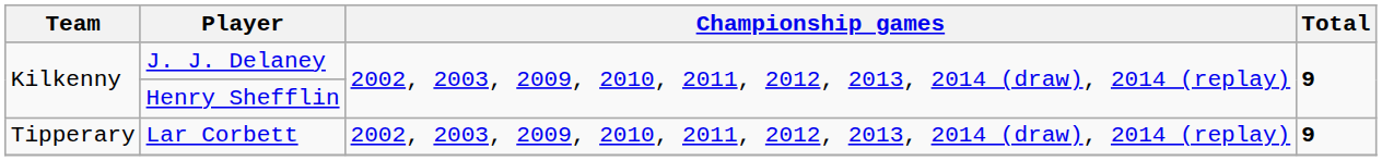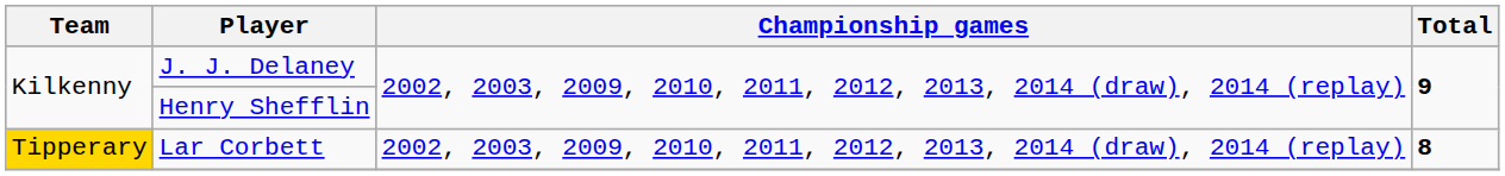 <table class="wikitable">
 <tr>
 <th>Team</th>
 <th>Player</th>
 <th><a href='#'>Championship games</a></th>
 <th>Total</th>
 </tr>
 <tr>
 <td rowspan=2>Kilkenny</td>
 <td><a href='#'>J. J. Delaney</a></td>
 <td rowspan=2><a href='#'>2002</a>, <a href='#'>2003</a>, <a href='#'>2009</a>, <a href='#'>2010</a>, <a href='#'>2011</a>, <a href='#'>2012</a>, <a href='#'>2013</a>, <a href='#'>2014 (draw)</a>, <a href='#'>2014 (replay)</a></td>
 <td rowspan=2><strong>9</strong></td>
 </tr>
 <tr>
 <td><a href='#'>Henry Shefflin</a></td>
 </tr>
 <tr>
-<td>Tipperary</td>
+<td style="background: gold;">Tipperary</td>
 <td><a href='#'>Lar Corbett</a></td>
 <td><a href='#'>2002</a>, <a href='#'>2003</a>, <a href='#'>2009</a>, <a href='#'>2010</a>, <a href='#'>2011</a>, <a href='#'>2012</a>, <a href='#'>2013</a>, <a href='#'>2014 (draw)</a>, <a href='#'>2014 (replay)</a></td>
-<td><strong>9</strong></td>
+<td><strong>8</strong></td>
 </tr>
 <tr>
 </tr>
 </table>
